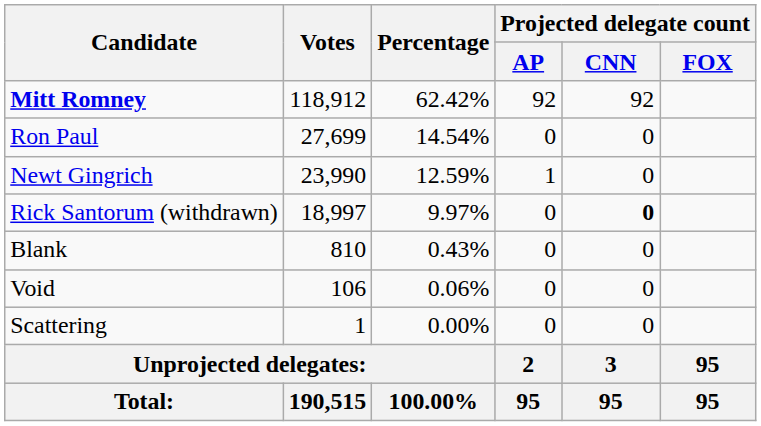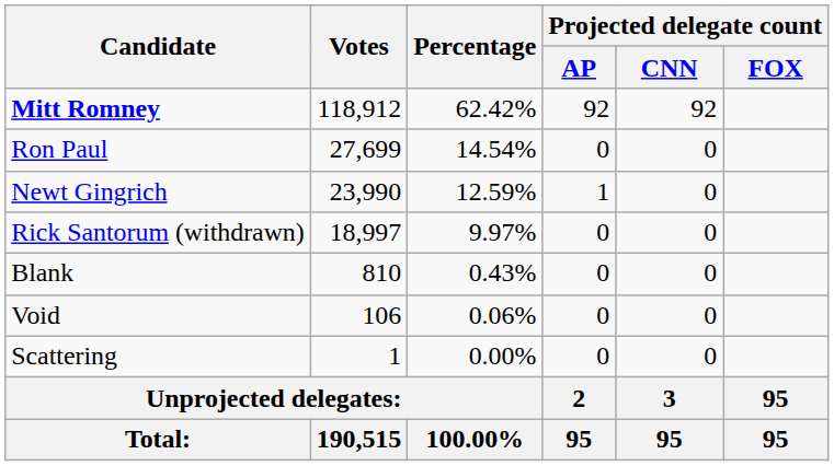 <table class="wikitable" style="text-align:right;">
 <tr>
 <th rowspan="2">Candidate</th>
 <th rowspan="2">Votes</th>
 <th rowspan="2">Percentage</th>
 <th colspan="3">Projected delegate count</th>
 </tr>
 <tr>
 <th><a href='#'>AP</a></th>
 <th><a href='#'>CNN</a><br></th>
 <th><a href='#'>FOX</a><br></th>
 </tr>
 <tr>
 <td style="text-align:left;"> <strong><a href='#'>Mitt Romney</a></strong></td>
 <td>118,912</td>
 <td>62.42%</td>
 <td>92</td>
 <td>92</td>
 <td></td>
 </tr>
 <tr>
 <td style="text-align:left;"><a href='#'>Ron Paul</a></td>
 <td>27,699</td>
 <td>14.54%</td>
 <td>0</td>
 <td>0</td>
 <td></td>
 </tr>
 <tr>
 <td style="text-align:left;"><a href='#'>Newt Gingrich</a></td>
 <td>23,990</td>
 <td>12.59%</td>
 <td>1</td>
 <td>0</td>
 <td></td>
 </tr>
 <tr>
 <td style="text-align:left;"><a href='#'>Rick Santorum</a> (withdrawn)</td>
 <td>18,997</td>
 <td>9.97%</td>
 <td>0</td>
-<td><strong>0</strong></td>
+<td>0</td>
 <td></td>
 </tr>
 <tr>
 <td style="text-align:left;">Blank</td>
 <td>810</td>
 <td>0.43%</td>
 <td>0</td>
 <td>0</td>
 <td></td>
 </tr>
 <tr>
 <td style="text-align:left;">Void</td>
 <td>106</td>
 <td>0.06%</td>
 <td>0</td>
 <td>0</td>
 <td></td>
 </tr>
 <tr>
 <td style="text-align:left;">Scattering</td>
 <td>1</td>
 <td>0.00%</td>
 <td>0</td>
 <td>0</td>
 <td></td>
 </tr>
 <tr style="background:#eee;">
 <th colspan="3">Unprojected delegates:</th>
 <th>2</th>
 <th>3</th>
 <th>95</th>
 </tr>
 <tr style="background:#eee;">
 <th>Total:</th>
 <th>190,515</th>
 <th>100.00%</th>
 <th>95</th>
 <th>95</th>
 <th>95</th>
 </tr>
 </table>
